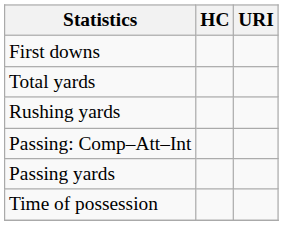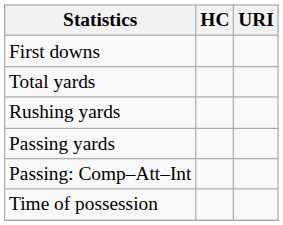 <table class="wikitable" style="float: left;">
 <tr>
 <th>Statistics</th>
 <th>HC</th>
 <th>URI</th>
 </tr>
 <tr>
 <td>First downs</td>
 <td></td>
 <td></td>
 </tr>
 <tr>
 <td>Total yards</td>
 <td></td>
 <td></td>
 </tr>
 <tr>
 <td>Rushing yards</td>
 <td></td>
 <td></td>
 </tr>
 <tr>
-<td>Passing: Comp–Att–Int</td>
+<td>Passing yards</td>
 <td></td>
 <td></td>
 </tr>
 <tr>
-<td>Passing yards</td>
+<td>Passing: Comp–Att–Int</td>
 <td></td>
 <td></td>
 </tr>
 <tr>
 <td>Time of possession</td>
 <td></td>
 <td></td>
 </tr>
 <tr>
 </tr>
 </table>
